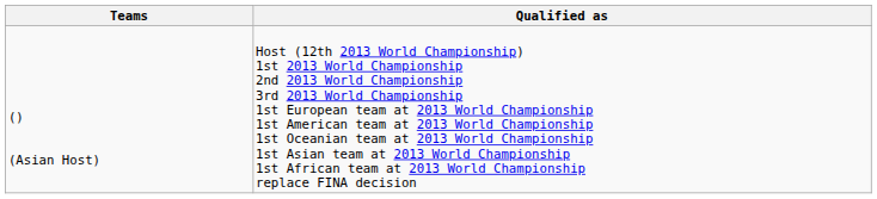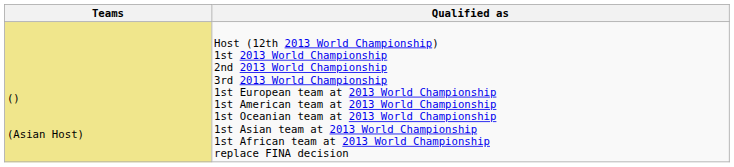 <table class=wikitable width=70%>
 <tr>
 <th width=20%>Teams</th>
 <th width=50%>Qualified as</th>
 </tr>
 <tr>
-<td><br><br><br><br><br>()<br><br><br>(Asian Host)<br><br></td>
+<td style="background: khaki;"><br><br><br><br><br>()<br><br><br>(Asian Host)<br><br></td>
 <td><br>Host (12th <a href='#'>2013 World Championship</a>)<br>1st <a href='#'>2013 World Championship</a><br>2nd <a href='#'>2013 World Championship</a><br>3rd <a href='#'>2013 World Championship</a><br>1st European team at <a href='#'>2013 World Championship</a><br>1st American team at <a href='#'>2013 World Championship</a><br>1st Oceanian team at <a href='#'>2013 World Championship</a><br>1st Asian team at <a href='#'>2013 World Championship</a><br>1st African team at <a href='#'>2013 World Championship</a><br>replace  FINA decision</td>
 </tr>
 </table>
